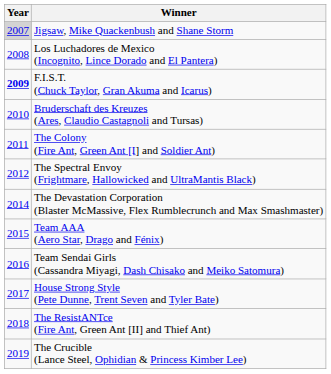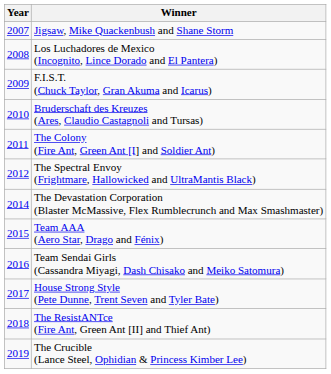 <table class="wikitable sortable">
 <tr>
 <th>Year</th>
 <th>Winner</th>
 </tr>
 <tr>
-<td style="background: lightgrey;"><a href='#'>2007</a></td>
+<td><a href='#'>2007</a></td>
 <td><a href='#'>Jigsaw</a>, <a href='#'>Mike Quackenbush</a> and <a href='#'>Shane Storm</a></td>
 </tr>
 <tr>
 <td><a href='#'>2008</a></td>
 <td>Los Luchadores de Mexico<br>(<a href='#'>Incognito</a>, <a href='#'>Lince Dorado</a> and <a href='#'>El Pantera</a>)</td>
 </tr>
 <tr>
-<td><strong><a href='#'>2009</a></strong></td>
+<td><a href='#'>2009</a></td>
 <td>F.I.S.T.<br>(<a href='#'>Chuck Taylor</a>, <a href='#'>Gran Akuma</a> and <a href='#'>Icarus</a>)</td>
 </tr>
 <tr>
 <td><a href='#'>2010</a></td>
 <td><a href='#'>Bruderschaft des Kreuzes</a><br>(<a href='#'>Ares</a>, <a href='#'>Claudio Castagnoli</a> and Tursas)</td>
 </tr>
 <tr>
 <td><a href='#'>2011</a></td>
 <td><a href='#'>The Colony</a><br>(<a href='#'>Fire Ant</a>, <a href='#'>Green Ant [I</a>] and <a href='#'>Soldier Ant</a>)</td>
 </tr>
 <tr>
 <td><a href='#'>2012</a></td>
 <td>The Spectral Envoy<br>(<a href='#'>Frightmare</a>, <a href='#'>Hallowicked</a> and <a href='#'>UltraMantis Black</a>)</td>
 </tr>
 <tr>
 <td><a href='#'>2014</a></td>
 <td>The Devastation Corporation<br>(Blaster McMassive, Flex Rumblecrunch and Max Smashmaster)</td>
 </tr>
 <tr>
 <td><a href='#'>2015</a></td>
 <td><a href='#'>Team AAA</a><br>(<a href='#'>Aero Star</a>, <a href='#'>Drago</a> and <a href='#'>Fénix</a>)</td>
 </tr>
 <tr>
 <td><a href='#'>2016</a></td>
 <td>Team Sendai Girls<br>(Cassandra Miyagi, <a href='#'>Dash Chisako</a> and <a href='#'>Meiko Satomura</a>)</td>
 </tr>
 <tr>
 <td><a href='#'>2017</a></td>
 <td><a href='#'>House Strong Style</a><br>(<a href='#'>Pete Dunne</a>, <a href='#'>Trent Seven</a> and <a href='#'>Tyler Bate</a>)</td>
 </tr>
 <tr>
 <td><a href='#'>2018</a></td>
 <td><a href='#'>The ResistANTce</a><br>(<a href='#'>Fire Ant</a>, Green Ant [II] and Thief Ant)</td>
 </tr>
 <tr>
 <td><a href='#'>2019</a></td>
 <td>The Crucible<br>(Lance Steel, <a href='#'>Ophidian</a> & <a href='#'>Princess Kimber Lee</a>)</td>
 </tr>
 </table>
